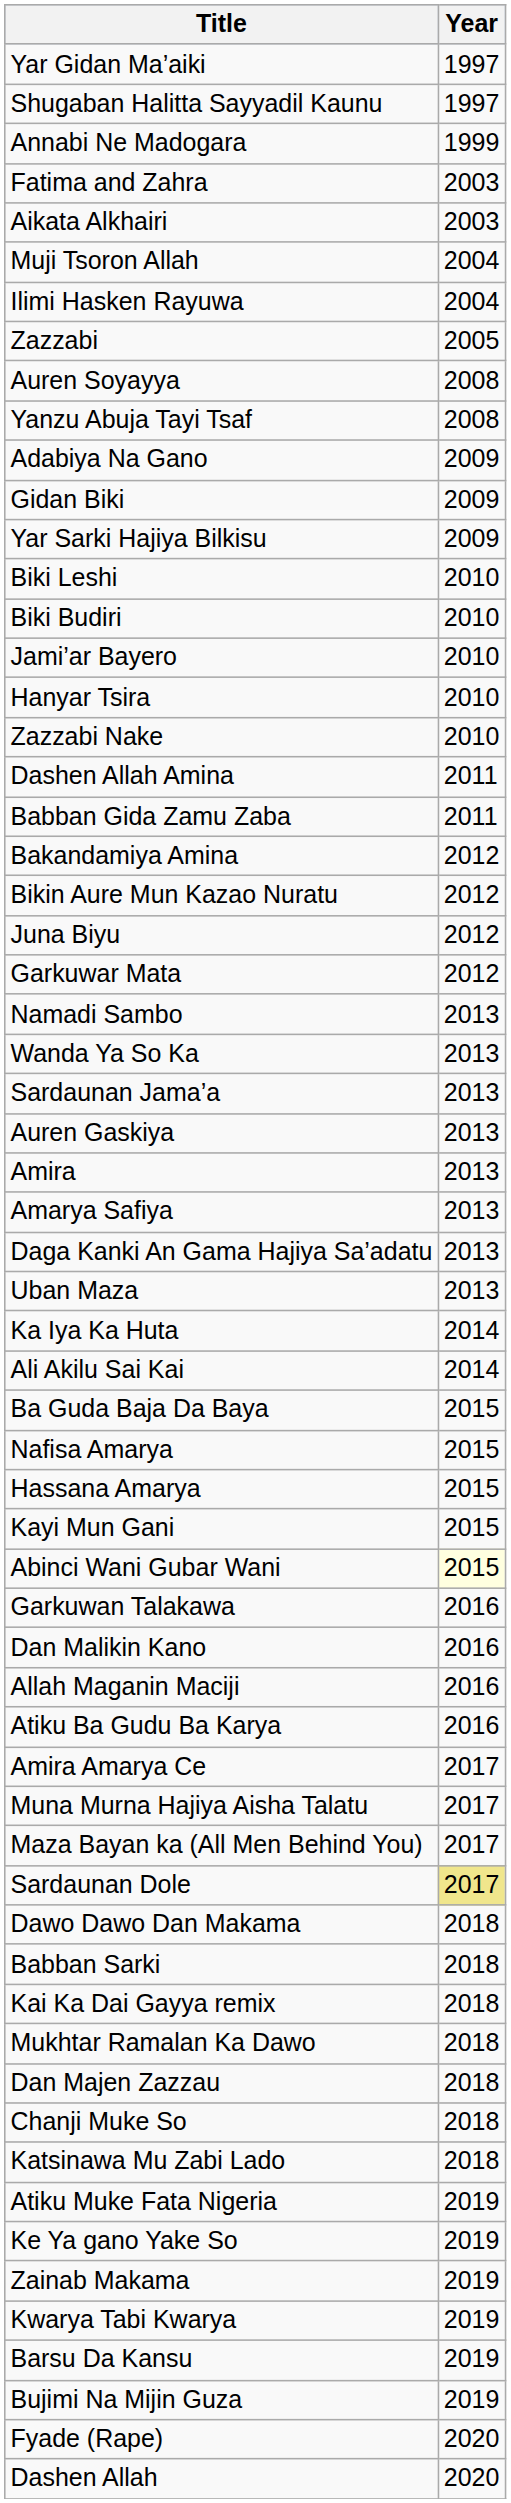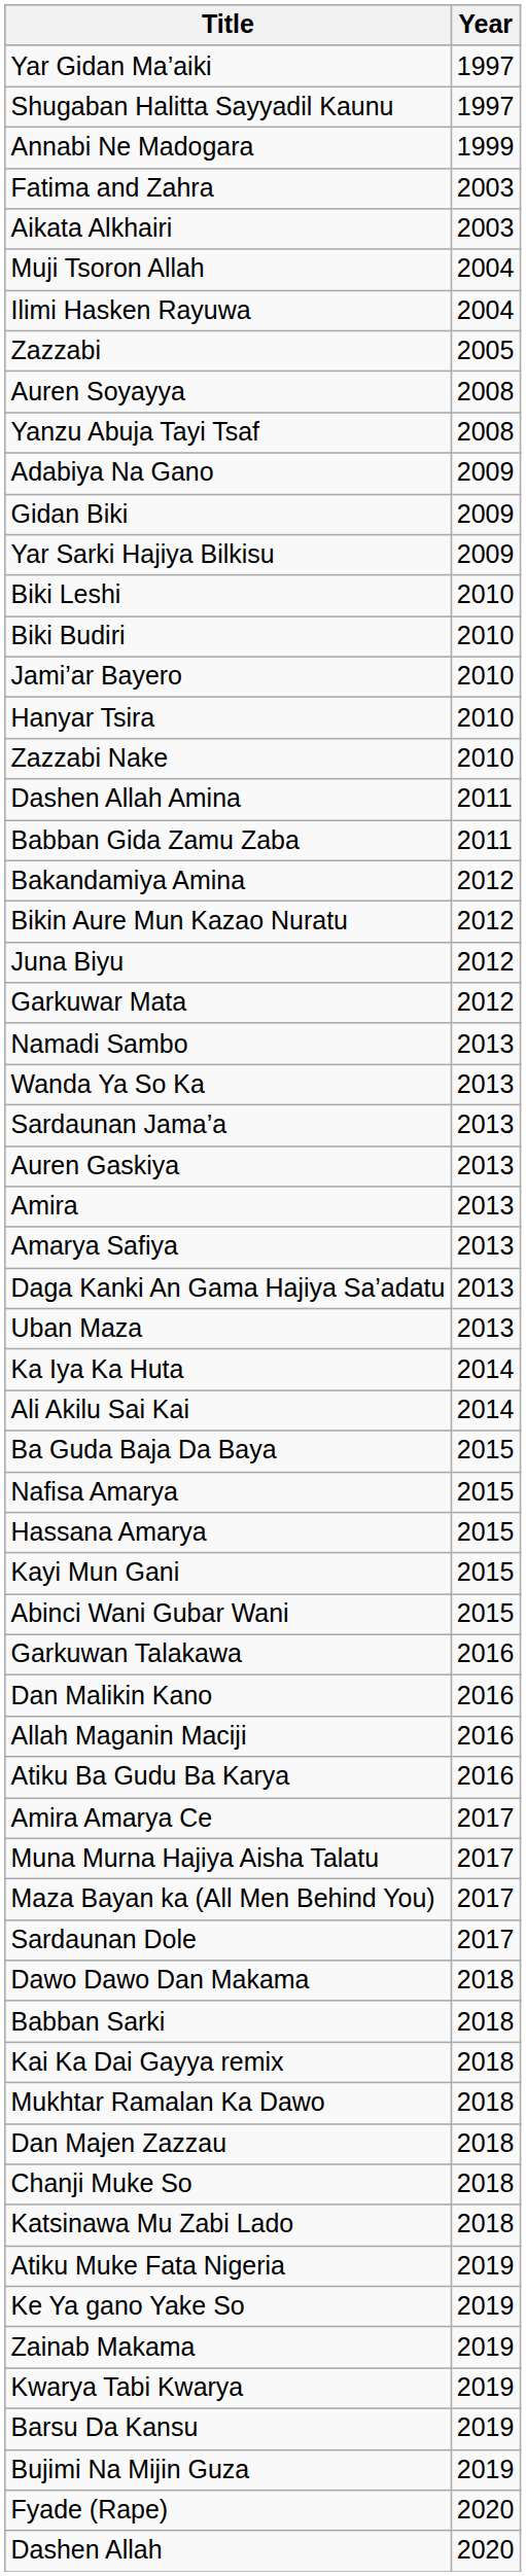 <table class="wikitable sortable">
 <tr style="background:#b0c4de; text-align:center;">
 <th>Title</th>
 <th>Year</th>
 </tr>
 <tr>
 <td>Yar Gidan Ma’aiki</td>
 <td>1997</td>
 </tr>
 <tr>
 <td>Shugaban Halitta Sayyadil Kaunu</td>
 <td>1997</td>
 </tr>
 <tr>
 <td>Annabi Ne Madogara</td>
 <td>1999</td>
 </tr>
 <tr>
 <td>Fatima and Zahra</td>
 <td>2003</td>
 </tr>
 <tr>
 <td>Aikata Alkhairi</td>
 <td>2003</td>
 </tr>
 <tr>
 <td>Muji Tsoron Allah</td>
 <td>2004</td>
 </tr>
 <tr>
 <td>Ilimi Hasken Rayuwa</td>
 <td>2004</td>
 </tr>
 <tr>
 <td>Zazzabi</td>
 <td>2005</td>
 </tr>
 <tr>
 <td>Auren Soyayya</td>
 <td>2008</td>
 </tr>
 <tr>
 <td>Yanzu Abuja Tayi Tsaf</td>
 <td>2008</td>
 </tr>
 <tr>
 <td>Adabiya Na Gano</td>
 <td>2009</td>
 </tr>
 <tr>
 <td>Gidan Biki</td>
 <td>2009</td>
 </tr>
 <tr>
 <td>Yar Sarki Hajiya Bilkisu</td>
 <td>2009</td>
 </tr>
 <tr>
 <td>Biki Leshi</td>
 <td>2010</td>
 </tr>
 <tr>
 <td>Biki Budiri</td>
 <td>2010</td>
 </tr>
 <tr>
 <td>Jami’ar Bayero</td>
 <td>2010</td>
 </tr>
 <tr>
 <td>Hanyar Tsira</td>
 <td>2010</td>
 </tr>
 <tr>
 <td>Zazzabi Nake</td>
 <td>2010</td>
 </tr>
 <tr>
 <td>Dashen Allah Amina</td>
 <td>2011</td>
 </tr>
 <tr>
 <td>Babban Gida Zamu Zaba</td>
 <td>2011</td>
 </tr>
 <tr>
 <td>Bakandamiya Amina</td>
 <td>2012</td>
 </tr>
 <tr>
 <td>Bikin Aure Mun Kazao Nuratu</td>
 <td>2012</td>
 </tr>
 <tr>
 <td>Juna Biyu</td>
 <td>2012</td>
 </tr>
 <tr>
 <td>Garkuwar Mata</td>
 <td>2012</td>
 </tr>
 <tr>
 <td>Namadi Sambo</td>
 <td>2013</td>
 </tr>
 <tr>
 <td>Wanda Ya So Ka</td>
 <td>2013</td>
 </tr>
 <tr>
 <td>Sardaunan Jama’a</td>
 <td>2013</td>
 </tr>
 <tr>
 <td>Auren Gaskiya</td>
 <td>2013</td>
 </tr>
 <tr>
 <td>Amira</td>
 <td>2013</td>
 </tr>
 <tr>
 <td>Amarya Safiya</td>
 <td>2013</td>
 </tr>
 <tr>
 <td>Daga Kanki An Gama Hajiya Sa’adatu</td>
 <td>2013</td>
 </tr>
 <tr>
 <td>Uban Maza</td>
 <td>2013</td>
 </tr>
 <tr>
 <td>Ka Iya Ka Huta</td>
 <td>2014</td>
 </tr>
 <tr>
 <td>Ali Akilu Sai Kai</td>
 <td>2014</td>
 </tr>
 <tr>
 <td>Ba Guda Baja Da Baya</td>
 <td>2015</td>
 </tr>
 <tr>
 <td>Nafisa Amarya</td>
 <td>2015</td>
 </tr>
 <tr>
 <td>Hassana Amarya</td>
 <td>2015</td>
 </tr>
 <tr>
 <td>Kayi Mun Gani</td>
 <td>2015</td>
 </tr>
 <tr>
 <td>Abinci Wani Gubar Wani</td>
-<td style="background: lightyellow;">2015</td>
+<td>2015</td>
 </tr>
 <tr>
 <td>Garkuwan Talakawa</td>
 <td>2016</td>
 </tr>
 <tr>
 <td>Dan Malikin Kano</td>
 <td>2016</td>
 </tr>
 <tr>
 <td>Allah Maganin Maciji</td>
 <td>2016</td>
 </tr>
 <tr>
 <td>Atiku Ba Gudu Ba Karya</td>
 <td>2016</td>
 </tr>
 <tr>
 <td>Amira Amarya Ce</td>
 <td>2017</td>
 </tr>
 <tr>
 <td>Muna Murna Hajiya Aisha Talatu</td>
 <td>2017</td>
 </tr>
 <tr>
 <td>Maza Bayan ka (All Men Behind You)</td>
 <td>2017</td>
 </tr>
 <tr>
 <td>Sardaunan Dole</td>
-<td style="background: khaki;">2017</td>
+<td>2017</td>
 </tr>
 <tr>
 <td>Dawo Dawo Dan Makama</td>
 <td>2018</td>
 </tr>
 <tr>
 <td>Babban Sarki</td>
 <td>2018</td>
 </tr>
 <tr>
 <td>Kai Ka Dai Gayya remix</td>
 <td>2018</td>
 </tr>
 <tr>
 <td>Mukhtar Ramalan Ka Dawo</td>
 <td>2018</td>
 </tr>
 <tr>
 <td>Dan Majen Zazzau</td>
 <td>2018</td>
 </tr>
 <tr>
 <td>Chanji Muke So</td>
 <td>2018</td>
 </tr>
 <tr>
 <td>Katsinawa Mu Zabi Lado</td>
 <td>2018</td>
 </tr>
 <tr>
 <td>Atiku Muke Fata Nigeria</td>
 <td>2019</td>
 </tr>
 <tr>
 <td>Ke Ya gano Yake So</td>
 <td>2019</td>
 </tr>
 <tr>
 <td>Zainab Makama</td>
 <td>2019</td>
 </tr>
 <tr>
 <td>Kwarya Tabi Kwarya</td>
 <td>2019</td>
 </tr>
 <tr>
 <td>Barsu Da Kansu</td>
 <td>2019</td>
 </tr>
 <tr>
 <td>Bujimi Na Mijin Guza</td>
 <td>2019</td>
 </tr>
 <tr>
 <td>Fyade (Rape)</td>
 <td>2020</td>
 </tr>
 <tr>
 <td>Dashen Allah</td>
 <td>2020</td>
 </tr>
 <tr>
 </tr>
 </table>
